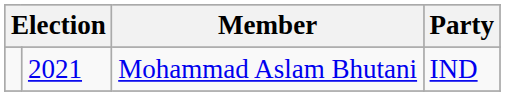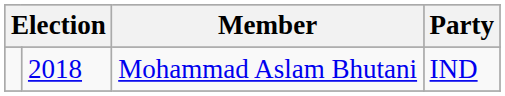 <table class="wikitable">
 <tr>
 <th colspan="2">Election</th>
 <th>Member</th>
 <th>Party</th>
 </tr>
 <tr>
 <td style="background-color: "></td>
-<td><a href='#'>2021</a></td>
+<td><a href='#'>2018</a></td>
 <td><a href='#'>Mohammad Aslam Bhutani</a></td>
 <td><a href='#'>IND</a></td>
 </tr>
 </table>
